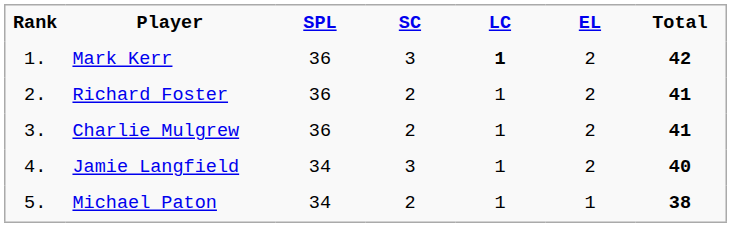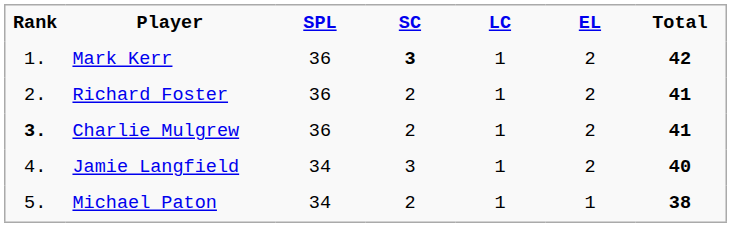 <table class= border="2" cellpadding="5" cellspacing="0" style="text-align:center; margin: 1em 1em 1em 0; background: #f9f9f9; border: 1px #aaa solid; border-collapse: collapse; font-size: 95%;">
 <tr>
 <th width=20>Rank</th>
 <th width=130>Player</th>
 <th width=50><a href='#'>SPL</a></th>
 <th width=50><a href='#'>SC</a></th>
 <th width=50><a href='#'>LC</a></th>
 <th width=50><a href='#'>EL</a></th>
 <th width=50>Total</th>
 </tr>
 <tr>
 <td>1.</td>
 <td align=left> <a href='#'>Mark Kerr</a></td>
 <td>36</td>
-<td>3</td>
-<td><strong>1</strong></td>
+<td><strong>3</strong></td>
+<td>1</td>
 <td>2</td>
 <td><strong>42</strong></td>
 </tr>
 <tr>
 <td>2.</td>
 <td align=left> <a href='#'>Richard Foster</a></td>
 <td>36</td>
 <td>2</td>
 <td>1</td>
 <td>2</td>
 <td><strong>41</strong></td>
 </tr>
 <tr>
-<td>3.</td>
+<td><strong>3.</strong></td>
 <td align=left> <a href='#'>Charlie Mulgrew</a></td>
 <td>36</td>
 <td>2</td>
 <td>1</td>
 <td>2</td>
 <td><strong>41</strong></td>
 </tr>
 <tr>
 <td>4.</td>
 <td align=left> <a href='#'>Jamie Langfield</a></td>
 <td>34</td>
 <td>3</td>
 <td>1</td>
 <td>2</td>
 <td><strong>40</strong></td>
 </tr>
 <tr>
 <td>5.</td>
 <td align=left> <a href='#'>Michael Paton</a></td>
 <td>34</td>
 <td>2</td>
 <td>1</td>
 <td>1</td>
 <td><strong>38</strong></td>
 </tr>
 <tr>
 </tr>
 </table>
